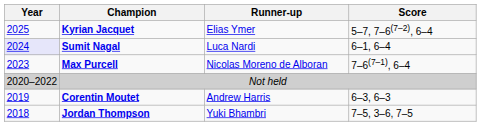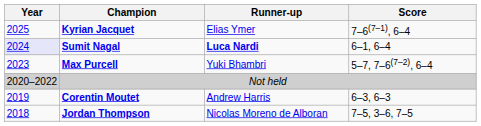 <table class="wikitable" style="font-size:90%">
 <tr>
 <th>Year</th>
 <th width="200">Champion</th>
 <th width="200">Runner-up</th>
 <th width="175">Score</th>
 </tr>
 <tr>
 <td><a href='#'>2025</a></td>
 <td> <strong><a href='#'>Kyrian Jacquet</a></strong></td>
 <td> <a href='#'>Elias Ymer</a></td>
-<td>5–7, 7–6<sup>(7–2)</sup>, 6–4</td>
+<td>7–6<sup>(7–1)</sup>, 6–4</td>
 </tr>
 <tr>
 <td style="background: lavender;"><a href='#'>2024</a></td>
 <td> <strong><a href='#'>Sumit Nagal</a></strong></td>
-<td> <a href='#'>Luca Nardi</a></td>
+<td><strong> <a href='#'>Luca Nardi</a></strong></td>
 <td>6–1, 6–4</td>
 </tr>
 <tr>
 <td><a href='#'>2023</a></td>
 <td> <strong><a href='#'>Max Purcell</a></strong></td>
-<td> <a href='#'>Nicolas Moreno de Alboran</a></td>
-<td>7–6<sup>(7–1)</sup>, 6–4</td>
+<td> <a href='#'>Yuki Bhambri</a></td>
+<td>5–7, 7–6<sup>(7–2)</sup>, 6–4</td>
 </tr>
 <tr>
 <td style="background:#cfcfcf">2020–2022</td>
 <td colspan=3 align=center style="background:#cfcfcf"><em>Not held</em></td>
 </tr>
 <tr>
 <td><a href='#'>2019</a></td>
 <td> <strong><a href='#'>Corentin Moutet</a></strong></td>
 <td> <a href='#'>Andrew Harris</a></td>
 <td>6–3, 6–3</td>
 </tr>
 <tr>
 <td><a href='#'>2018</a></td>
 <td> <strong><a href='#'>Jordan Thompson</a></strong></td>
-<td> <a href='#'>Yuki Bhambri</a></td>
+<td> <a href='#'>Nicolas Moreno de Alboran</a></td>
 <td>7–5, 3–6, 7–5</td>
 </tr>
 </table>
